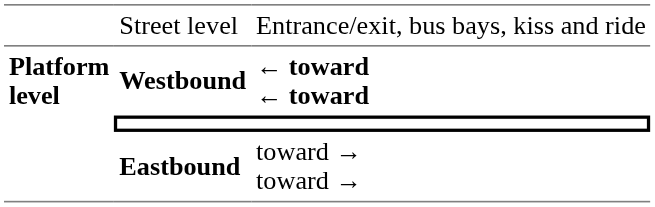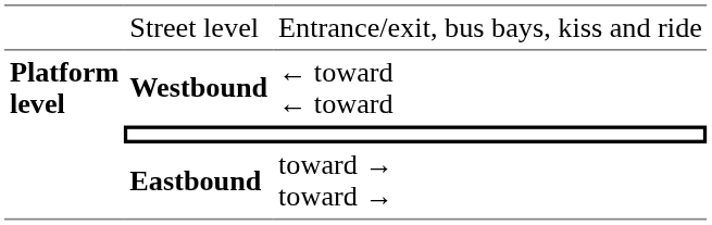 <table table border=0 cellspacing=0 cellpadding=3>
 <tr>
 <td style="border-top:solid 1px gray" valign=top></td>
 <td style="border-top:solid 1px gray" valign=top>Street level</td>
 <td style="border-top:solid 1px gray" valign=top>Entrance/exit, bus bays, kiss and ride</td>
 </tr>
 <tr>
 <td style="border-top:solid 1px gray;border-bottom:solid 1px gray" width=50 rowspan=3 valign=top><strong>Platform level</strong></td>
 <td style="border-top:solid 1px gray"><strong>Westbound</strong></td>
-<td style="border-top:solid 1px gray"><strong>←  toward  <br>←  toward  </strong></td>
+<td style="border-top:solid 1px gray">←  toward  <br>←  toward  </td>
 </tr>
 <tr>
 <td style="border-top:solid 2px black;border-right:solid 2px black;border-left:solid 2px black;border-bottom:solid 2px black;text-align:center" colspan=2></td>
 </tr>
 <tr>
 <td style="border-bottom:solid 1px gray"><strong>Eastbound</strong></td>
 <td style="border-bottom:solid 1px gray">  toward   →<br>  toward   →</td>
 </tr>
 </table>
